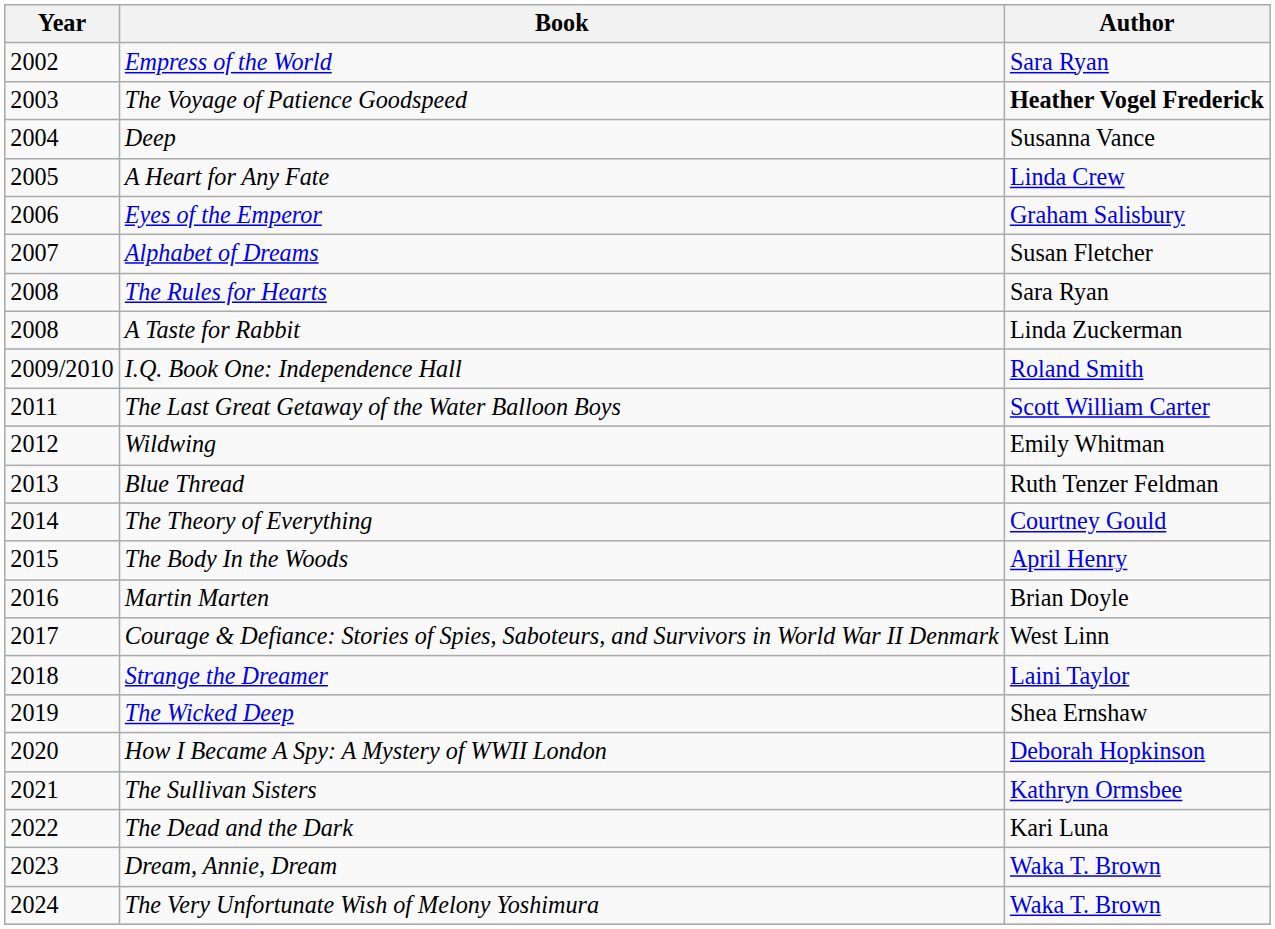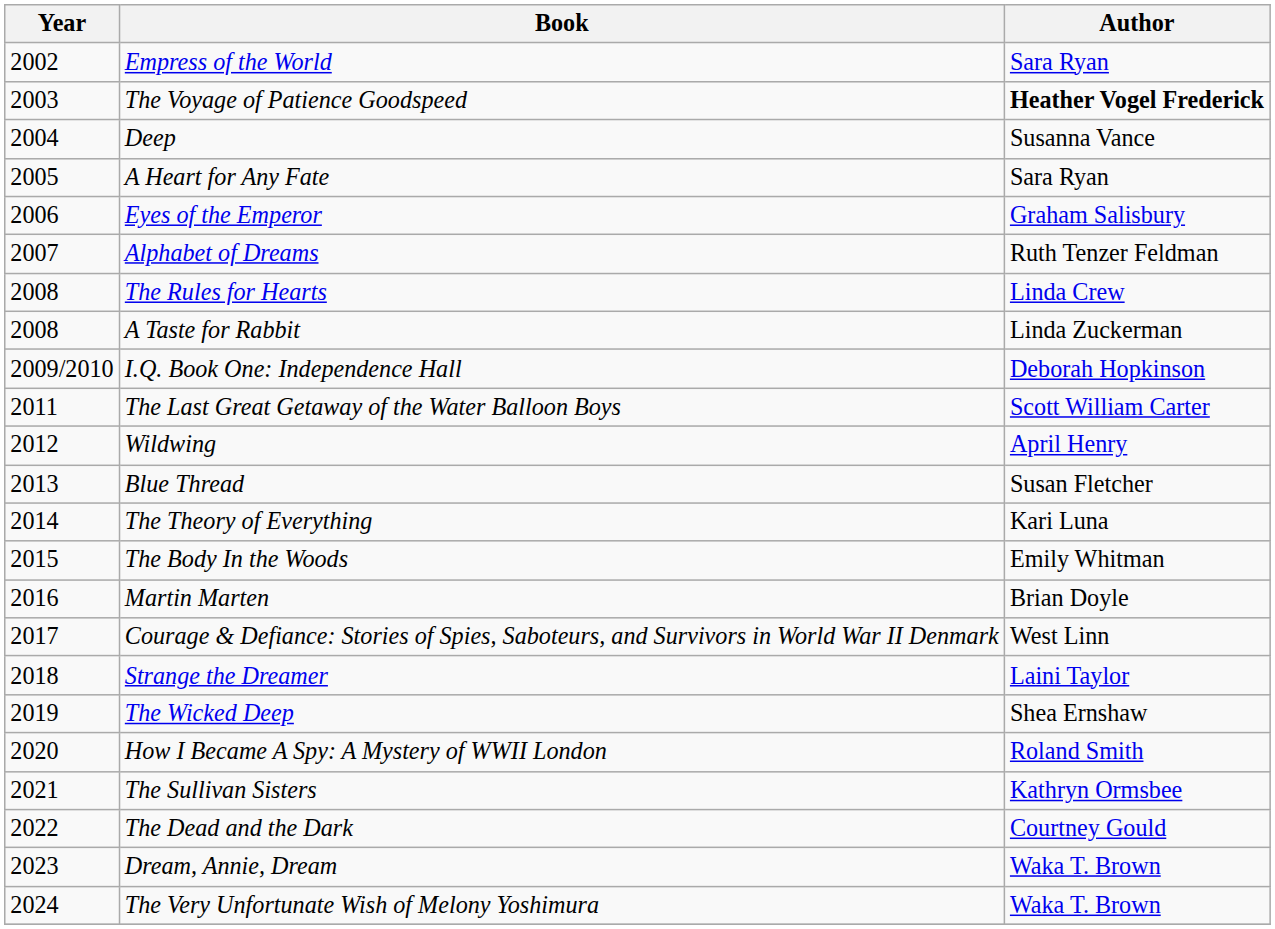 <table class="wikitable sortable">
 <tr>
 <th>Year</th>
 <th>Book</th>
 <th>Author</th>
 </tr>
 <tr>
 <td>2002</td>
 <td><em><a href='#'>Empress of the World</a></em></td>
 <td><a href='#'>Sara Ryan</a></td>
 </tr>
 <tr>
 <td>2003</td>
 <td><em>The Voyage of Patience Goodspeed</em></td>
 <td><strong>Heather Vogel Frederick</strong></td>
 </tr>
 <tr>
 <td>2004</td>
 <td><em>Deep</em></td>
 <td>Susanna Vance</td>
 </tr>
 <tr>
 <td>2005</td>
 <td><em>A Heart for Any Fate</em></td>
-<td><a href='#'>Linda Crew</a></td>
+<td>Sara Ryan</td>
 </tr>
 <tr>
 <td>2006</td>
 <td><em><a href='#'>Eyes of the Emperor</a></em></td>
 <td><a href='#'>Graham Salisbury</a></td>
 </tr>
 <tr>
 <td>2007</td>
 <td><em><a href='#'>Alphabet of Dreams</a></em></td>
-<td>Susan Fletcher</td>
+<td>Ruth Tenzer Feldman</td>
 </tr>
 <tr>
 <td>2008</td>
 <td><em><a href='#'>The Rules for Hearts</a></em></td>
-<td>Sara Ryan</td>
+<td><a href='#'>Linda Crew</a></td>
 </tr>
 <tr>
 <td>2008</td>
 <td><em>A Taste for Rabbit</em></td>
 <td>Linda Zuckerman</td>
 </tr>
 <tr>
 <td>2009/2010</td>
 <td><em>I.Q. Book One: Independence Hall</em></td>
-<td><a href='#'>Roland Smith</a></td>
+<td><a href='#'>Deborah Hopkinson</a></td>
 </tr>
 <tr>
 <td>2011</td>
 <td><em>The Last Great Getaway of the Water Balloon Boys</em></td>
 <td><a href='#'>Scott William Carter</a></td>
 </tr>
 <tr>
 <td>2012</td>
 <td><em>Wildwing</em></td>
-<td>Emily Whitman</td>
+<td><a href='#'>April Henry</a></td>
 </tr>
 <tr>
 <td>2013</td>
 <td><em>Blue Thread</em></td>
-<td>Ruth Tenzer Feldman</td>
+<td>Susan Fletcher</td>
 </tr>
 <tr>
 <td>2014</td>
 <td><em>The Theory of Everything</em></td>
-<td><a href='#'>Courtney Gould</a></td>
+<td>Kari Luna</td>
 </tr>
 <tr>
 <td>2015</td>
 <td><em>The Body In the Woods</em></td>
-<td><a href='#'>April Henry</a></td>
+<td>Emily Whitman</td>
 </tr>
 <tr>
 <td>2016</td>
 <td><em>Martin Marten</em></td>
 <td>Brian Doyle</td>
 </tr>
 <tr>
 <td>2017</td>
 <td><em>Courage & Defiance: Stories of Spies, Saboteurs, and Survivors in World War II Denmark</em></td>
 <td>West Linn</td>
 </tr>
 <tr>
 <td>2018</td>
 <td><em><a href='#'>Strange the Dreamer</a></em></td>
 <td><a href='#'>Laini Taylor</a></td>
 </tr>
 <tr>
 <td>2019</td>
 <td><em><a href='#'>The Wicked Deep</a></em></td>
 <td>Shea Ernshaw</td>
 </tr>
 <tr>
 <td>2020</td>
 <td><em>How I Became A Spy: A Mystery of WWII London</em></td>
-<td><a href='#'>Deborah Hopkinson</a></td>
+<td><a href='#'>Roland Smith</a></td>
 </tr>
 <tr>
 <td>2021</td>
 <td><em>The Sullivan Sisters</em></td>
 <td><a href='#'>Kathryn Ormsbee</a></td>
 </tr>
 <tr>
 <td>2022</td>
 <td><em>The Dead and the Dark</em></td>
-<td>Kari Luna</td>
+<td><a href='#'>Courtney Gould</a></td>
 </tr>
 <tr>
 <td>2023</td>
 <td><em>Dream, Annie, Dream</em></td>
 <td><a href='#'>Waka T. Brown</a></td>
 </tr>
 <tr>
 <td>2024</td>
 <td><em>The Very Unfortunate Wish of Melony Yoshimura</em></td>
 <td><a href='#'>Waka T. Brown</a></td>
 </tr>
 <tr>
 </tr>
 </table>
